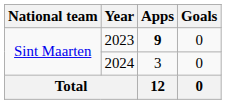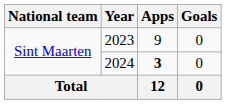 <table class="wikitable" style="text-align:center">
 <tr>
 <th>National team</th>
 <th>Year</th>
 <th>Apps</th>
 <th>Goals</th>
 </tr>
 <tr>
 <td rowspan=2><a href='#'>Sint Maarten</a></td>
 <td>2023</td>
-<td><strong>9</strong></td>
+<td>9</td>
 <td>0</td>
 </tr>
 <tr>
 <td>2024</td>
-<td>3</td>
+<td><strong>3</strong></td>
 <td>0</td>
 </tr>
 <tr>
 <th colspan="2">Total</th>
 <th>12</th>
 <th>0</th>
 </tr>
 </table>
